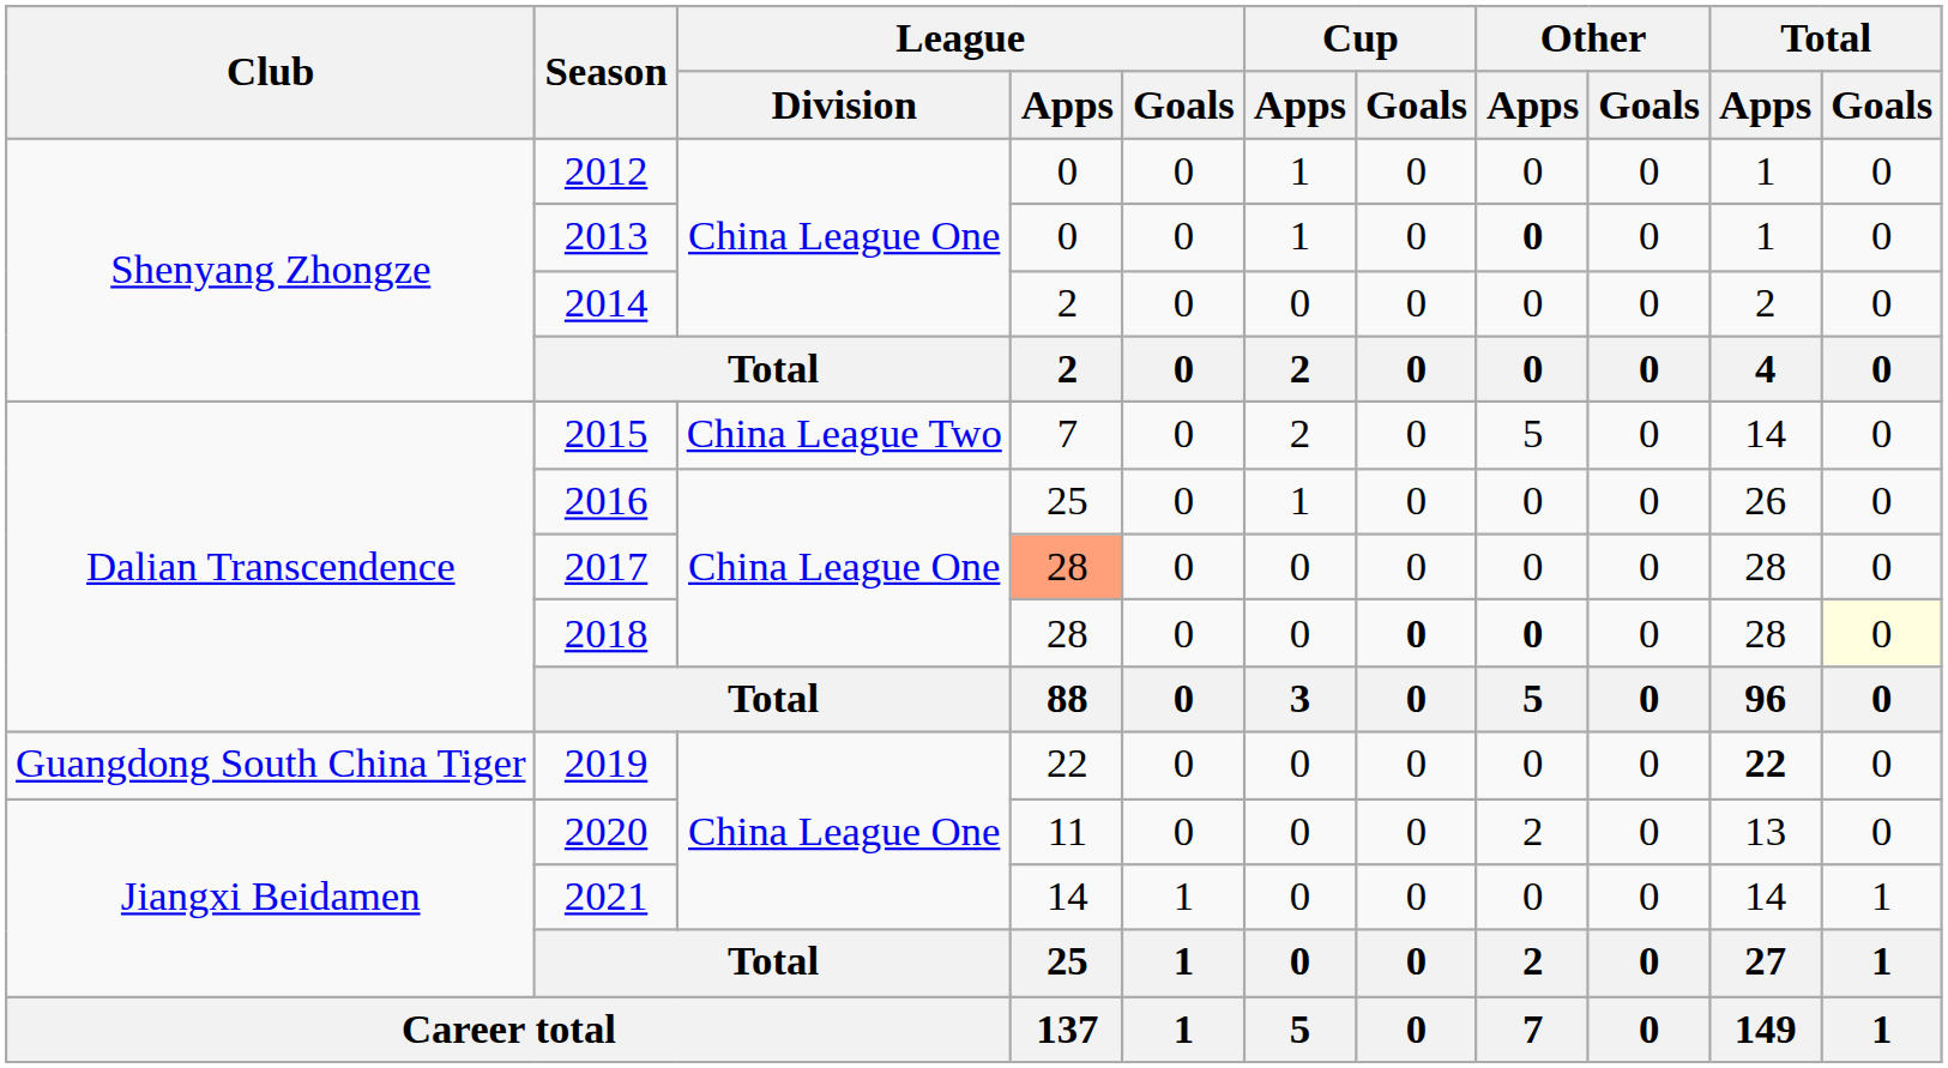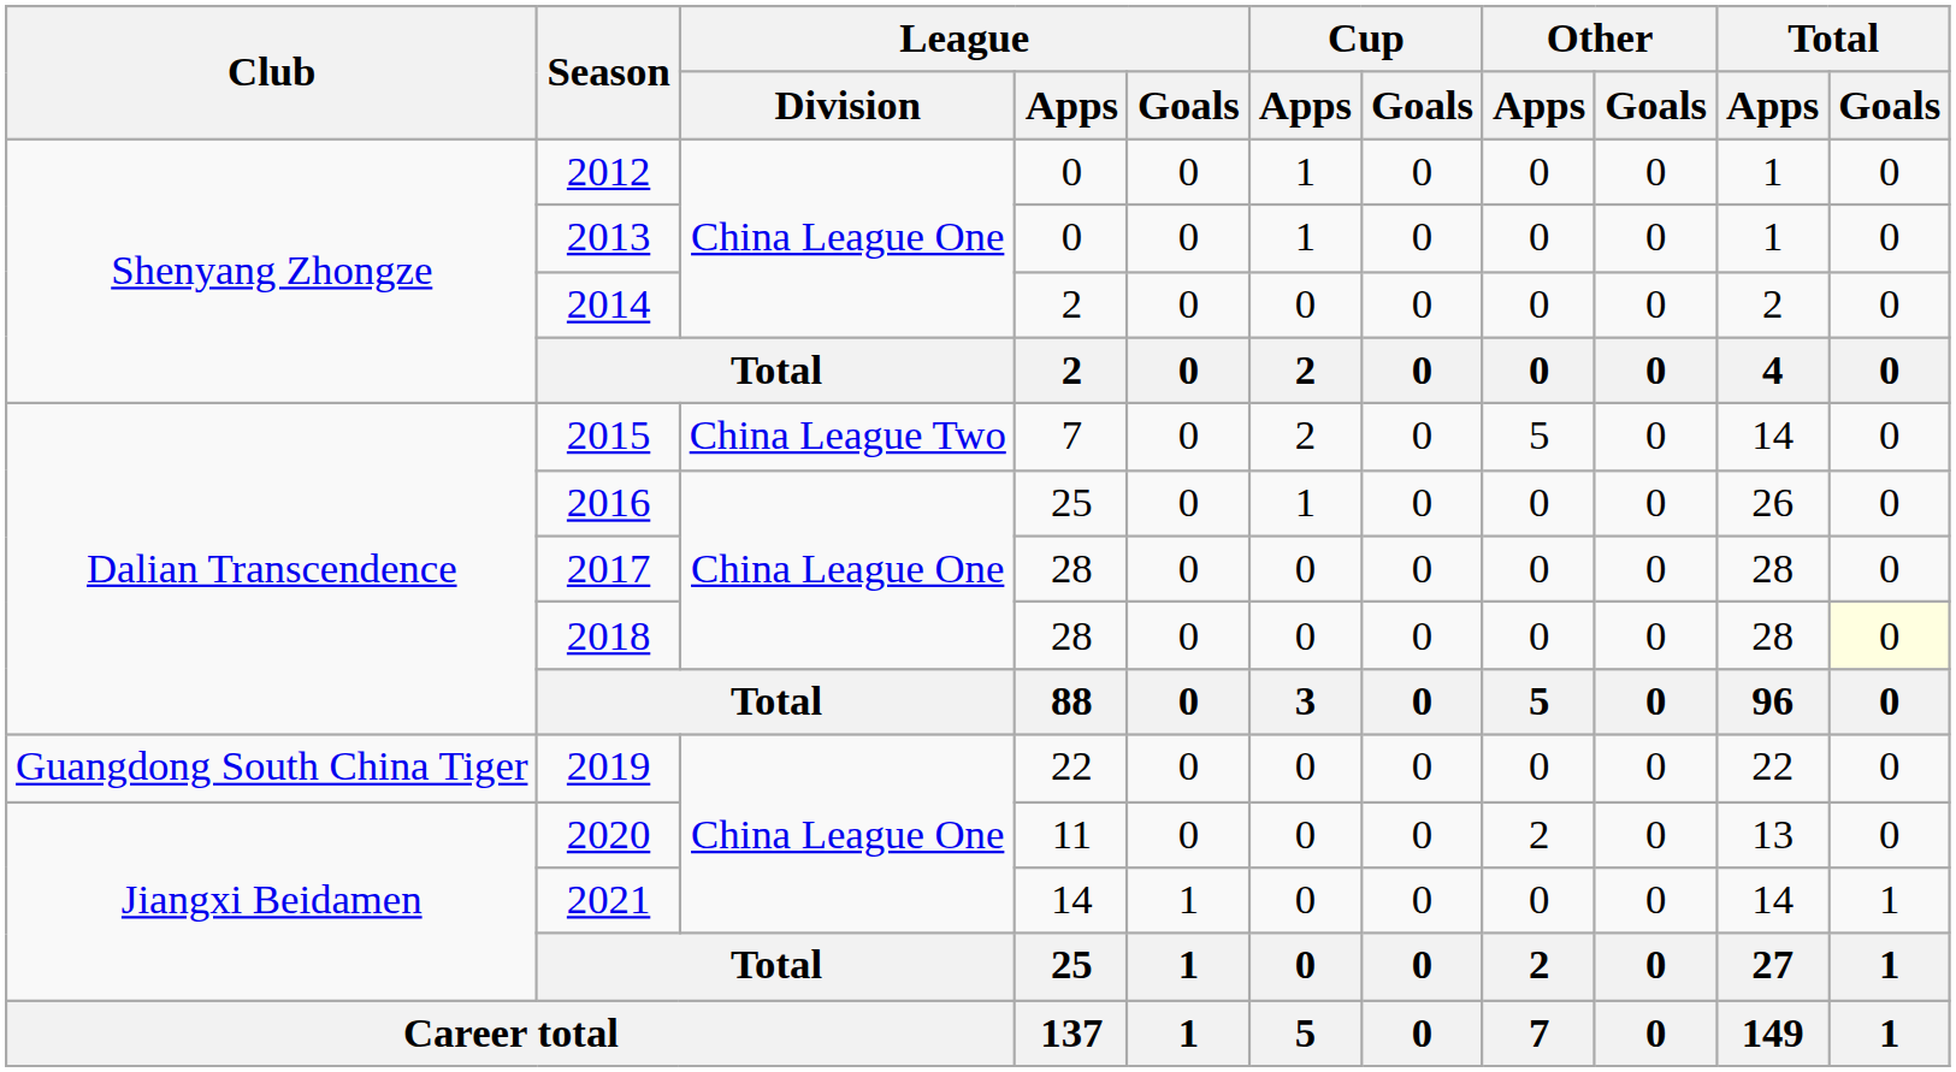 <table class="wikitable" style="text-align: center">
 <tr>
 <th rowspan="2">Club</th>
 <th rowspan="2">Season</th>
 <th colspan="3">League</th>
 <th colspan="2">Cup</th>
 <th colspan="2">Other</th>
 <th colspan="2">Total</th>
 </tr>
 <tr>
 <th>Division</th>
 <th>Apps</th>
 <th>Goals</th>
 <th>Apps</th>
 <th>Goals</th>
 <th>Apps</th>
 <th>Goals</th>
 <th>Apps</th>
 <th>Goals</th>
 </tr>
 <tr>
 <td rowspan="4"><a href='#'>Shenyang Zhongze</a></td>
 <td><a href='#'>2012</a></td>
 <td rowspan="3"><a href='#'>China League One</a></td>
 <td>0</td>
 <td>0</td>
 <td>1</td>
 <td>0</td>
 <td>0</td>
 <td>0</td>
 <td>1</td>
 <td>0</td>
 </tr>
 <tr>
 <td><a href='#'>2013</a></td>
 <td>0</td>
 <td>0</td>
 <td>1</td>
 <td>0</td>
-<td><strong>0</strong></td>
+<td>0</td>
 <td>0</td>
 <td>1</td>
 <td>0</td>
 </tr>
 <tr>
 <td><a href='#'>2014</a></td>
 <td>2</td>
 <td>0</td>
 <td>0</td>
 <td>0</td>
 <td>0</td>
 <td>0</td>
 <td>2</td>
 <td>0</td>
 </tr>
 <tr>
 <th colspan=2>Total</th>
 <th>2</th>
 <th>0</th>
 <th>2</th>
 <th>0</th>
 <th>0</th>
 <th>0</th>
 <th>4</th>
 <th>0</th>
 </tr>
 <tr>
 <td rowspan="5"><a href='#'>Dalian Transcendence</a></td>
 <td><a href='#'>2015</a></td>
 <td><a href='#'>China League Two</a></td>
 <td>7</td>
 <td>0</td>
 <td>2</td>
 <td>0</td>
 <td>5</td>
 <td>0</td>
 <td>14</td>
 <td>0</td>
 </tr>
 <tr>
 <td><a href='#'>2016</a></td>
 <td rowspan="3"><a href='#'>China League One</a></td>
 <td>25</td>
 <td>0</td>
 <td>1</td>
 <td>0</td>
 <td>0</td>
 <td>0</td>
 <td>26</td>
 <td>0</td>
 </tr>
 <tr>
 <td><a href='#'>2017</a></td>
-<td style="background: lightsalmon;">28</td>
+<td>28</td>
 <td>0</td>
 <td>0</td>
 <td>0</td>
 <td>0</td>
 <td>0</td>
 <td>28</td>
 <td>0</td>
 </tr>
 <tr>
 <td><a href='#'>2018</a></td>
 <td>28</td>
 <td>0</td>
 <td>0</td>
-<td><strong>0</strong></td>
-<td><strong>0</strong></td>
+<td>0</td>
+<td>0</td>
 <td>0</td>
 <td>28</td>
 <td style="background: lightyellow;">0</td>
 </tr>
 <tr>
 <th colspan=2>Total</th>
 <th>88</th>
 <th>0</th>
 <th>3</th>
 <th>0</th>
 <th>5</th>
 <th>0</th>
 <th>96</th>
 <th>0</th>
 </tr>
 <tr>
 <td><a href='#'>Guangdong South China Tiger</a></td>
 <td><a href='#'>2019</a></td>
 <td rowspan="3"><a href='#'>China League One</a></td>
 <td>22</td>
 <td>0</td>
 <td>0</td>
 <td>0</td>
 <td>0</td>
 <td>0</td>
-<td><strong>22</strong></td>
+<td>22</td>
 <td>0</td>
 </tr>
 <tr>
 <td rowspan="3"><a href='#'>Jiangxi Beidamen</a></td>
 <td><a href='#'>2020</a></td>
 <td>11</td>
 <td>0</td>
 <td>0</td>
 <td>0</td>
 <td>2</td>
 <td>0</td>
 <td>13</td>
 <td>0</td>
 </tr>
 <tr>
 <td><a href='#'>2021</a></td>
 <td>14</td>
 <td>1</td>
 <td>0</td>
 <td>0</td>
 <td>0</td>
 <td>0</td>
 <td>14</td>
 <td>1</td>
 </tr>
 <tr>
 <th colspan=2>Total</th>
 <th>25</th>
 <th>1</th>
 <th>0</th>
 <th>0</th>
 <th>2</th>
 <th>0</th>
 <th>27</th>
 <th>1</th>
 </tr>
 <tr>
 <th colspan=3>Career total</th>
 <th>137</th>
 <th>1</th>
 <th>5</th>
 <th>0</th>
 <th>7</th>
 <th>0</th>
 <th>149</th>
 <th>1</th>
 </tr>
 </table>
